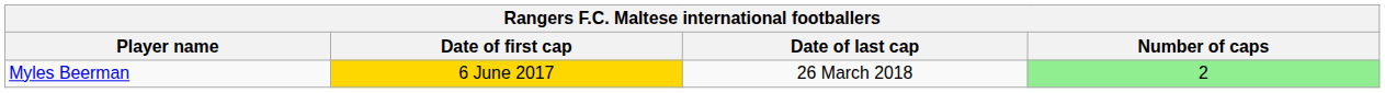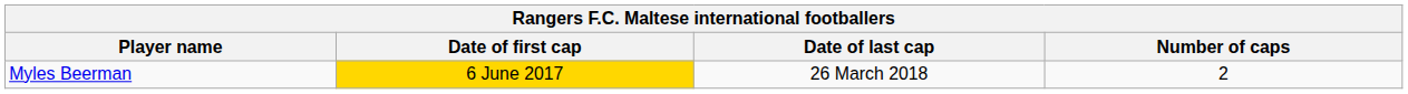 <table class="wikitable plainrowheaders" style="width: 80%;">
 <tr>
 <th colspan=5>Rangers F.C. Maltese international footballers </th>
 </tr>
 <tr>
 <th scope="col">Player name</th>
 <th scope="col">Date of first cap</th>
 <th scope="col">Date of last cap</th>
 <th scope="col">Number of caps</th>
 </tr>
 <tr>
 <td><a href='#'>Myles Beerman</a></td>
 <td align="center" style="background: gold;">6 June 2017</td>
 <td align="center">26 March 2018</td>
-<td align="center" style="background: lightgreen;">2</td>
+<td align="center">2</td>
 </tr>
 </table>
